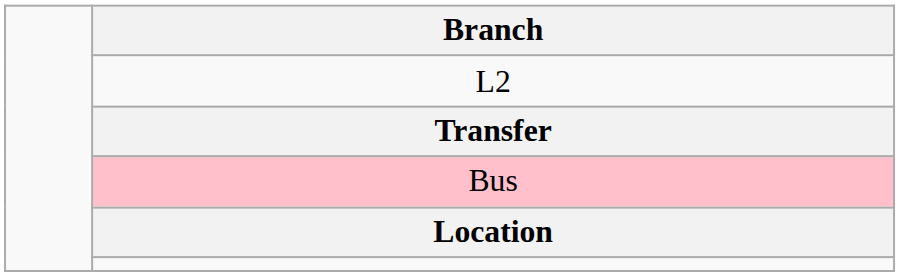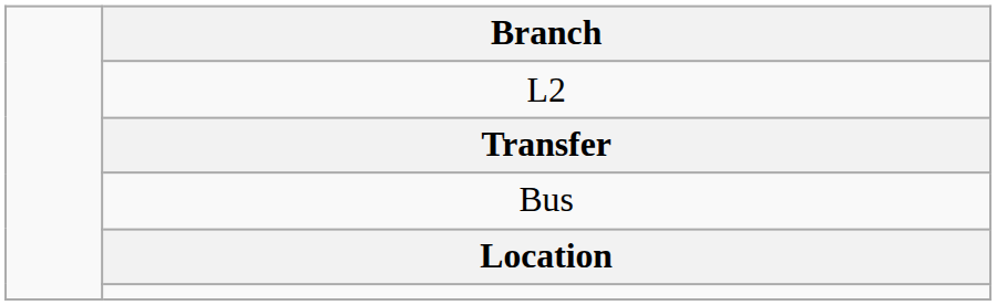 <table class="wikitable" style="text-align: center; width: 450px; float:right;">
 <tr>
 <td rowspan="6"></td>
 <th>Branch</th>
 </tr>
 <tr>
 <td>L2</td>
 </tr>
 <tr>
 <th>Transfer</th>
 </tr>
 <tr>
-<td style="background: pink;">Bus</td>
+<td>Bus</td>
 </tr>
 <tr>
 <th>Location</th>
 </tr>
 <tr>
 <td></td>
 </tr>
 </table>
